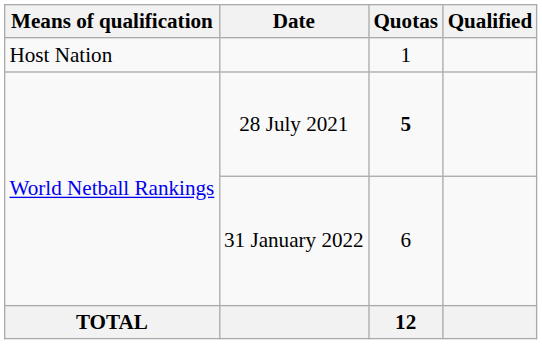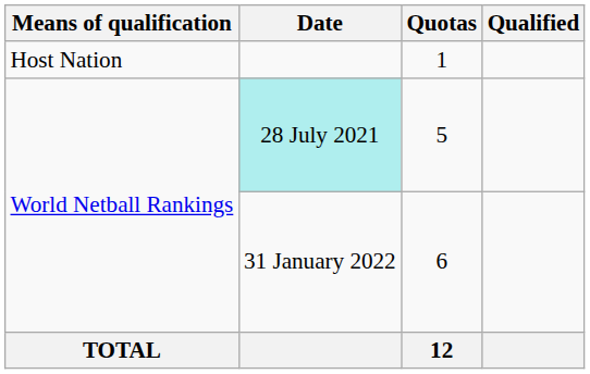 <table class="wikitable">
 <tr>
 <th>Means of qualification</th>
 <th>Date</th>
 <th>Quotas</th>
 <th>Qualified</th>
 </tr>
 <tr>
 <td>Host Nation</td>
 <td></td>
 <td align=center>1</td>
 <td></td>
 </tr>
 <tr>
 <td rowspan=2><a href='#'>World Netball Rankings</a></td>
-<td align=center>28 July 2021</td>
-<td align=center><strong>5</strong></td>
+<td align=center style="background: paleturquoise;">28 July 2021</td>
+<td align=center>5</td>
 <td><br><br><br><br></td>
 </tr>
 <tr>
 <td align=center>31 January 2022</td>
 <td align=center>6</td>
 <td><br><br><br><br><br></td>
 </tr>
 <tr>
 <th>TOTAL</th>
 <th></th>
 <th>12</th>
 <th></th>
 </tr>
 </table>
